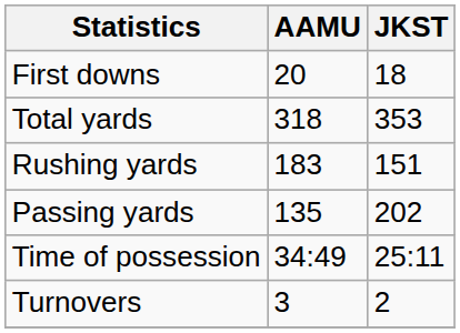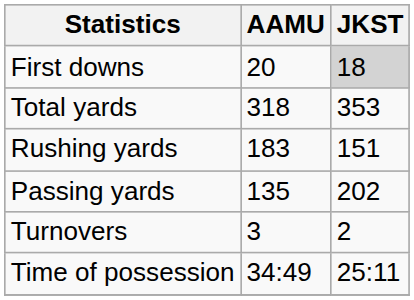 <table class="wikitable">
 <tr>
 <th>Statistics</th>
 <th>AAMU</th>
 <th>JKST</th>
 </tr>
 <tr>
 <td>First downs</td>
 <td>20</td>
-<td>18</td>
+<td style="background: lightgrey;">18</td>
 </tr>
 <tr>
 <td>Total yards</td>
 <td>318</td>
 <td>353</td>
 </tr>
 <tr>
 <td>Rushing yards</td>
 <td>183</td>
 <td>151</td>
 </tr>
 <tr>
 <td>Passing yards</td>
 <td>135</td>
 <td>202</td>
 </tr>
 <tr>
+<td>Turnovers</td>
+<td>3</td>
+<td>2</td>
+</tr>
+<tr>
 <td>Time of possession</td>
 <td>34:49</td>
 <td>25:11</td>
 </tr>
 <tr>
-<td>Turnovers</td>
-<td>3</td>
-<td>2</td>
-</tr>
-<tr>
 </tr>
 </table>
